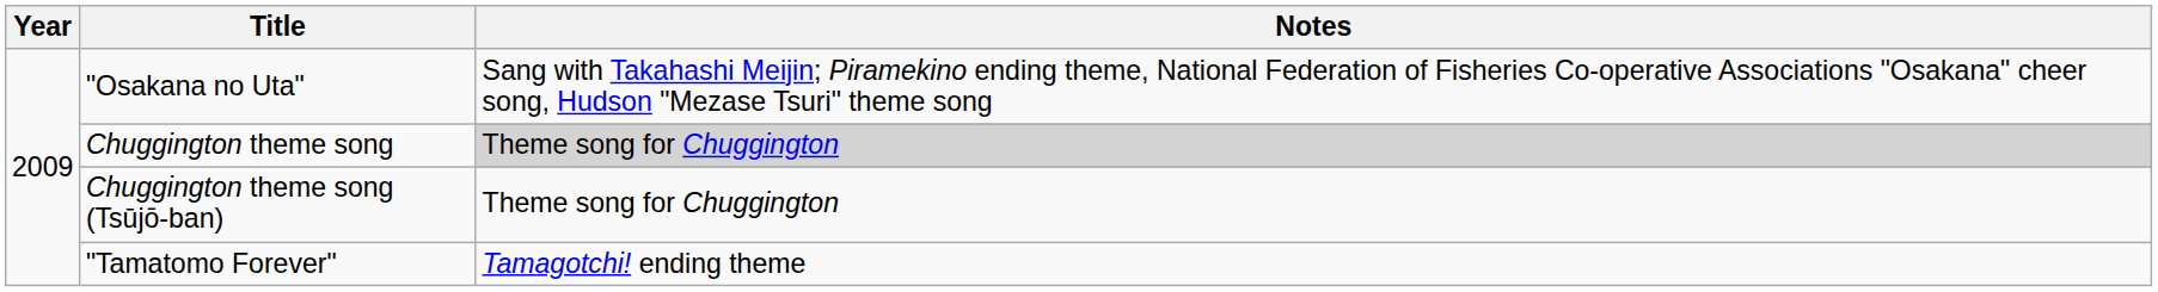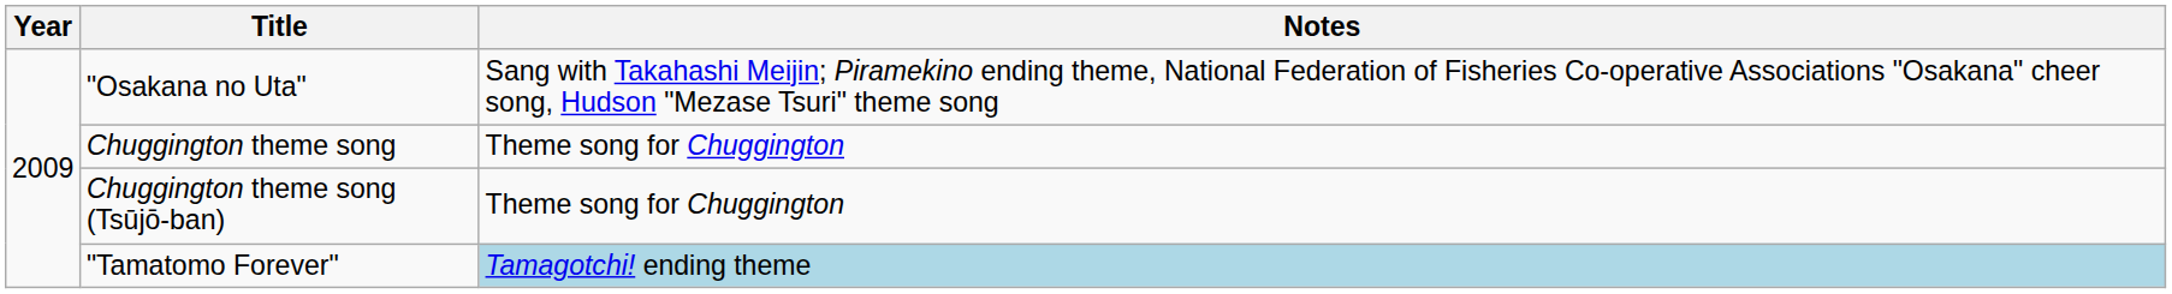 <table class="wikitable">
 <tr>
 <th>Year</th>
 <th>Title</th>
 <th>Notes</th>
 </tr>
 <tr>
 <td rowspan="4">2009</td>
 <td>"Osakana no Uta"</td>
 <td>Sang with <a href='#'>Takahashi Meijin</a>; <em>Piramekino</em> ending theme, National Federation of Fisheries Co-operative Associations "Osakana" cheer song, <a href='#'>Hudson</a> "Mezase Tsuri" theme song</td>
 </tr>
 <tr>
 <td><em>Chuggington</em> theme song</td>
-<td style="background: lightgrey;">Theme song for <em><a href='#'>Chuggington</a></em></td>
+<td>Theme song for <em><a href='#'>Chuggington</a></em></td>
 </tr>
 <tr>
 <td><em>Chuggington</em> theme song (Tsūjō-ban)</td>
 <td>Theme song for <em>Chuggington</em></td>
 </tr>
 <tr>
 <td>"Tamatomo Forever"</td>
-<td><em><a href='#'>Tamagotchi!</a></em> ending theme</td>
+<td style="background: lightblue;"><em><a href='#'>Tamagotchi!</a></em> ending theme</td>
 </tr>
 </table>
